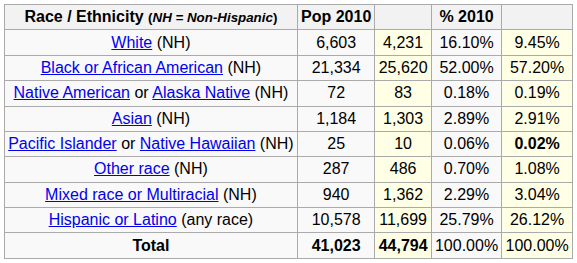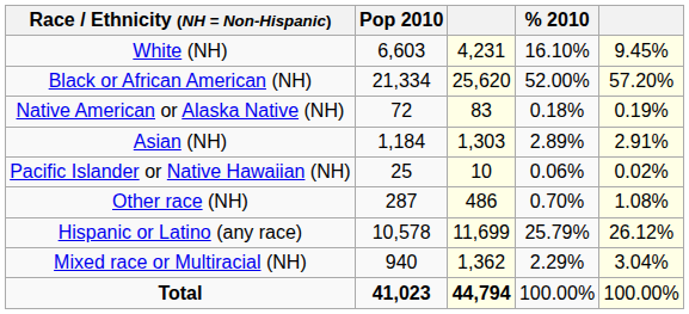 <table class="wikitable" style="text-align:center;">
 <tr>
 <th>Race / Ethnicity <small>(<em>NH = Non-Hispanic</em>)</small></th>
 <th>Pop 2010</th>
 <th></th>
 <th>% 2010</th>
 <th></th>
 </tr>
 <tr>
 <td><a href='#'>White</a> (NH)</td>
 <td>6,603</td>
 <td style='background: #ffffe6;'>4,231</td>
 <td>16.10%</td>
 <td style='background: #ffffe6;'>9.45%</td>
 </tr>
 <tr>
 <td><a href='#'>Black or African American</a> (NH)</td>
 <td>21,334</td>
 <td style='background: #ffffe6;'>25,620</td>
 <td>52.00%</td>
 <td style='background: #ffffe6;'>57.20%</td>
 </tr>
 <tr>
 <td><a href='#'>Native American</a> or <a href='#'>Alaska Native</a> (NH)</td>
 <td>72</td>
 <td style='background: #ffffe6;'>83</td>
 <td>0.18%</td>
 <td style='background: #ffffe6;'>0.19%</td>
 </tr>
 <tr>
 <td><a href='#'>Asian</a> (NH)</td>
 <td>1,184</td>
 <td style='background: #ffffe6;'>1,303</td>
 <td>2.89%</td>
 <td style='background: #ffffe6;'>2.91%</td>
 </tr>
 <tr>
 <td><a href='#'>Pacific Islander</a> or <a href='#'>Native Hawaiian</a> (NH)</td>
 <td>25</td>
 <td style='background: #ffffe6;'>10</td>
 <td>0.06%</td>
-<td style='background: #ffffe6;'><strong>0.02%</strong></td>
+<td style='background: #ffffe6;'>0.02%</td>
 </tr>
 <tr>
 <td><a href='#'>Other race</a> (NH)</td>
 <td>287</td>
 <td style='background: #ffffe6;'>486</td>
 <td>0.70%</td>
 <td style='background: #ffffe6;'>1.08%</td>
 </tr>
 <tr>
+<td><a href='#'>Hispanic or Latino</a> (any race)</td>
+<td>10,578</td>
+<td style='background: #ffffe6;'>11,699</td>
+<td>25.79%</td>
+<td style='background: #ffffe6;'>26.12%</td>
+</tr>
+<tr>
 <td><a href='#'>Mixed race or Multiracial</a> (NH)</td>
 <td>940</td>
 <td style='background: #ffffe6;'>1,362</td>
 <td>2.29%</td>
 <td style='background: #ffffe6;'>3.04%</td>
-</tr>
-<tr>
-<td><a href='#'>Hispanic or Latino</a> (any race)</td>
-<td>10,578</td>
-<td style='background: #ffffe6;'>11,699</td>
-<td>25.79%</td>
-<td style='background: #ffffe6;'>26.12%</td>
 </tr>
 <tr>
 <td><strong>Total</strong></td>
 <td><strong>41,023</strong></td>
 <td style='background: #ffffe6;'><strong>44,794</strong></td>
 <td>100.00%</td>
 <td style='background: #ffffe6;'>100.00%</td>
 </tr>
 <tr>
 </tr>
 </table>
